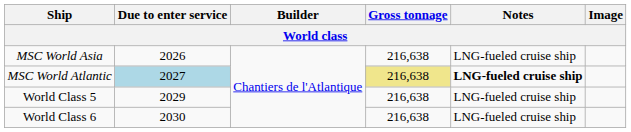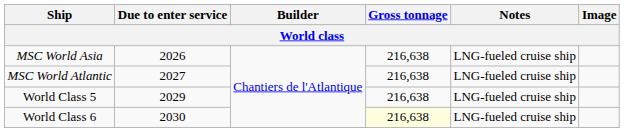 <table class="wikitable sortable" style="text-align:Center;">
 <tr>
 <th>Ship</th>
 <th>Due to enter service</th>
 <th>Builder</th>
 <th><a href='#'>Gross tonnage</a></th>
 <th>Notes</th>
 <th>Image</th>
 </tr>
 <tr>
 <th colspan="6"><a href='#'>World class</a></th>
 </tr>
 <tr>
 <td><em>MSC World Asia</em></td>
 <td>2026</td>
 <td rowspan="4"><a href='#'>Chantiers de l'Atlantique</a></td>
 <td>216,638</td>
 <td align="Left">LNG-fueled cruise ship</td>
 <td></td>
 </tr>
 <tr>
 <td><em>MSC World Atlantic</em></td>
-<td style="background: lightblue;">2027</td>
-<td style="background: khaki;">216,638</td>
-<td align="Left"><strong>LNG-fueled cruise ship</strong></td>
+<td>2027</td>
+<td>216,638</td>
+<td align="Left">LNG-fueled cruise ship</td>
 <td></td>
 </tr>
 <tr>
 <td>World Class 5</td>
 <td>2029</td>
 <td>216,638</td>
 <td align="Left">LNG-fueled cruise ship</td>
 <td></td>
 </tr>
 <tr>
 <td>World Class 6</td>
 <td>2030</td>
-<td>216,638</td>
+<td style="background: lightyellow;">216,638</td>
 <td align="Left">LNG-fueled cruise ship</td>
 <td></td>
 </tr>
 </table>
